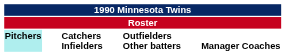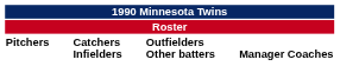 <table class="toccolours" style="font-size: 95%;">
 <tr>
 <th colspan="10" style="background-color: #072764; color: #FFFFFF; text-align: center;">1990 Minnesota Twins</th>
 </tr>
 <tr>
 <td colspan="10" style="background-color: #c6011f; color: white; text-align: center;"><strong>Roster</strong></td>
 </tr>
 <tr>
-<td valign="top" style="background: paleturquoise;"><strong>Pitchers</strong><br>                </td>
+<td valign="top"><strong>Pitchers</strong><br>                </td>
 <td width="25px"></td>
 <td valign="top"><strong>Catchers</strong><br>   <strong>Infielders</strong>          </td>
 <td width="25px"></td>
 <td valign="top"><strong>Outfielders</strong><br>        <strong>Other batters</strong> </td>
 <td width="25px"></td>
 <td valign="top"><br><strong>Manager</strong>  <strong>Coaches</strong>     </td>
 </tr>
 <tr>
 </tr>
 </table>
